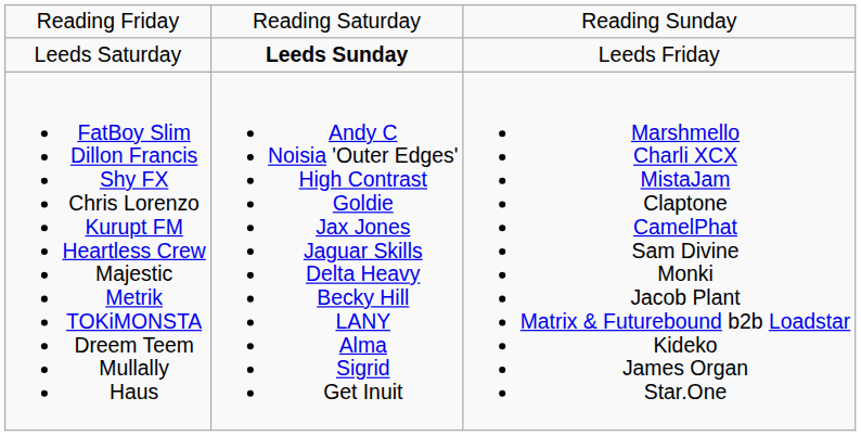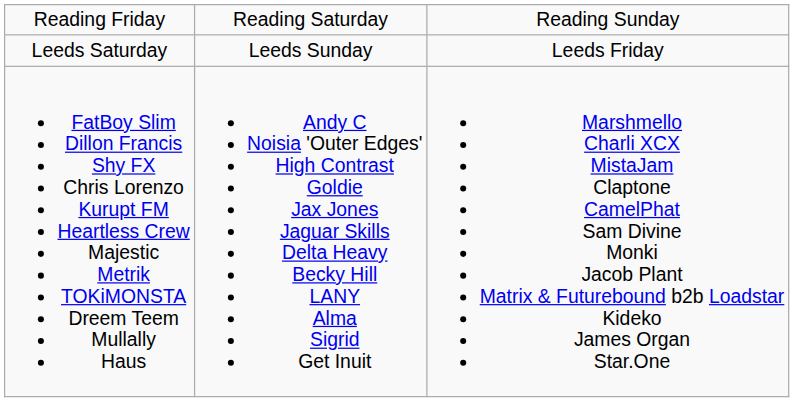 <table class="wikitable" style="text-align:center;">
 <tr>
 <td>Reading Friday</td>
 <td>Reading Saturday</td>
 <td>Reading Sunday</td>
 </tr>
 <tr>
 <td>Leeds Saturday</td>
-<td><strong>Leeds Sunday</strong></td>
+<td>Leeds Sunday</td>
 <td>Leeds Friday</td>
 </tr>
 <tr>
 <td><br><ul><li><a href='#'>FatBoy Slim</a></li><li><a href='#'>Dillon Francis</a></li><li><a href='#'>Shy FX</a></li><li>Chris Lorenzo</li><li><a href='#'>Kurupt FM</a></li><li><a href='#'>Heartless Crew</a></li><li>Majestic</li><li><a href='#'>Metrik</a></li><li><a href='#'>TOKiMONSTA</a></li><li>Dreem Teem</li><li>Mullally</li><li>Haus</li></ul></td>
 <td><br><ul><li><a href='#'>Andy C</a></li><li><a href='#'>Noisia</a> 'Outer Edges'</li><li><a href='#'>High Contrast</a></li><li><a href='#'>Goldie</a></li><li><a href='#'>Jax Jones</a></li><li><a href='#'>Jaguar Skills</a></li><li><a href='#'>Delta Heavy</a></li><li><a href='#'>Becky Hill</a></li><li><a href='#'>LANY</a></li><li><a href='#'>Alma</a></li><li><a href='#'>Sigrid</a></li><li>Get Inuit</li></ul></td>
 <td><br><ul><li><a href='#'>Marshmello</a></li><li><a href='#'>Charli XCX</a></li><li><a href='#'>MistaJam</a></li><li>Claptone</li><li><a href='#'>CamelPhat</a></li><li>Sam Divine</li><li>Monki</li><li>Jacob Plant</li><li><a href='#'>Matrix & Futurebound</a> b2b <a href='#'>Loadstar</a></li><li>Kideko</li><li>James Organ</li><li>Star.One</li></ul></td>
 </tr>
 </table>
